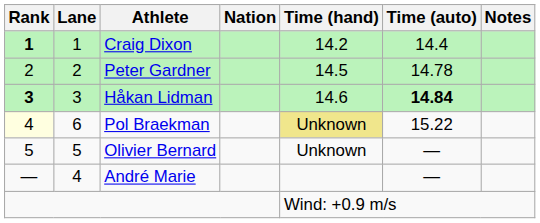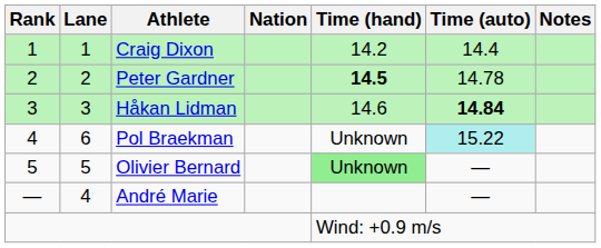 <table class="wikitable sortable" style="text-align:center">
 <tr>
 <th>Rank</th>
 <th>Lane</th>
 <th>Athlete</th>
 <th>Nation</th>
 <th>Time (hand)</th>
 <th>Time (auto)</th>
 <th>Notes</th>
 </tr>
 <tr bgcolor="bbf3bb">
-<td><strong>1</strong></td>
+<td>1</td>
 <td>1</td>
 <td align=left><a href='#'>Craig Dixon</a></td>
 <td align=left></td>
 <td>14.2</td>
 <td>14.4</td>
 <td></td>
 </tr>
 <tr bgcolor="bbf3bb">
 <td>2</td>
 <td>2</td>
 <td align=left><a href='#'>Peter Gardner</a></td>
 <td align=left></td>
-<td>14.5</td>
+<td><strong>14.5</strong></td>
 <td>14.78</td>
 <td></td>
 </tr>
 <tr bgcolor="bbf3bb">
-<td><strong>3</strong></td>
+<td>3</td>
 <td>3</td>
 <td align=left><a href='#'>Håkan Lidman</a></td>
 <td align=left></td>
 <td>14.6</td>
 <td><strong>14.84</strong></td>
 <td></td>
 </tr>
 <tr>
-<td style="background: lightyellow;">4</td>
+<td>4</td>
 <td>6</td>
 <td align=left><a href='#'>Pol Braekman</a></td>
 <td align=left></td>
-<td style="background: khaki;">Unknown</td>
-<td>15.22</td>
+<td>Unknown</td>
+<td style="background: paleturquoise;">15.22</td>
 <td></td>
 </tr>
 <tr>
 <td>5</td>
 <td>5</td>
 <td align=left><a href='#'>Olivier Bernard</a></td>
 <td align=left></td>
-<td>Unknown</td>
+<td style="background: lightgreen;">Unknown</td>
 <td>—</td>
 <td></td>
 </tr>
 <tr>
 <td data-sort-value=6>—</td>
 <td>4</td>
 <td align=left><a href='#'>André Marie</a></td>
 <td align=left></td>
 <td></td>
 <td>—</td>
 <td></td>
 </tr>
 <tr class="sortbottom">
 <td colspan=4></td>
 <td colspan="3" style="text-align:left;">Wind: +0.9 m/s</td>
 </tr>
 </table>
